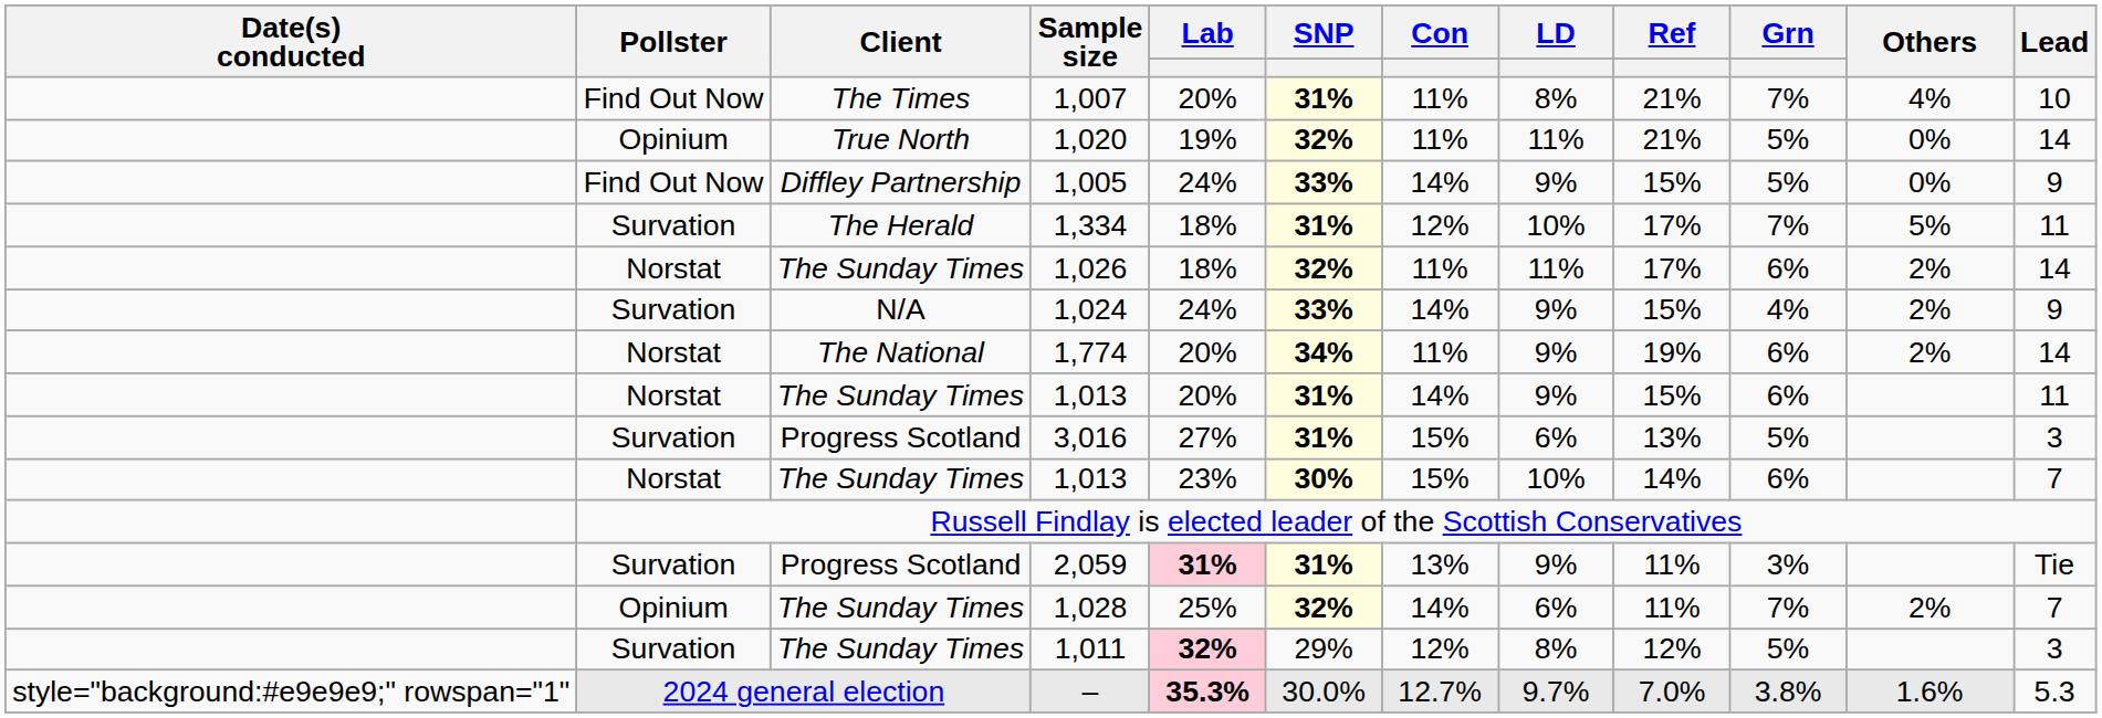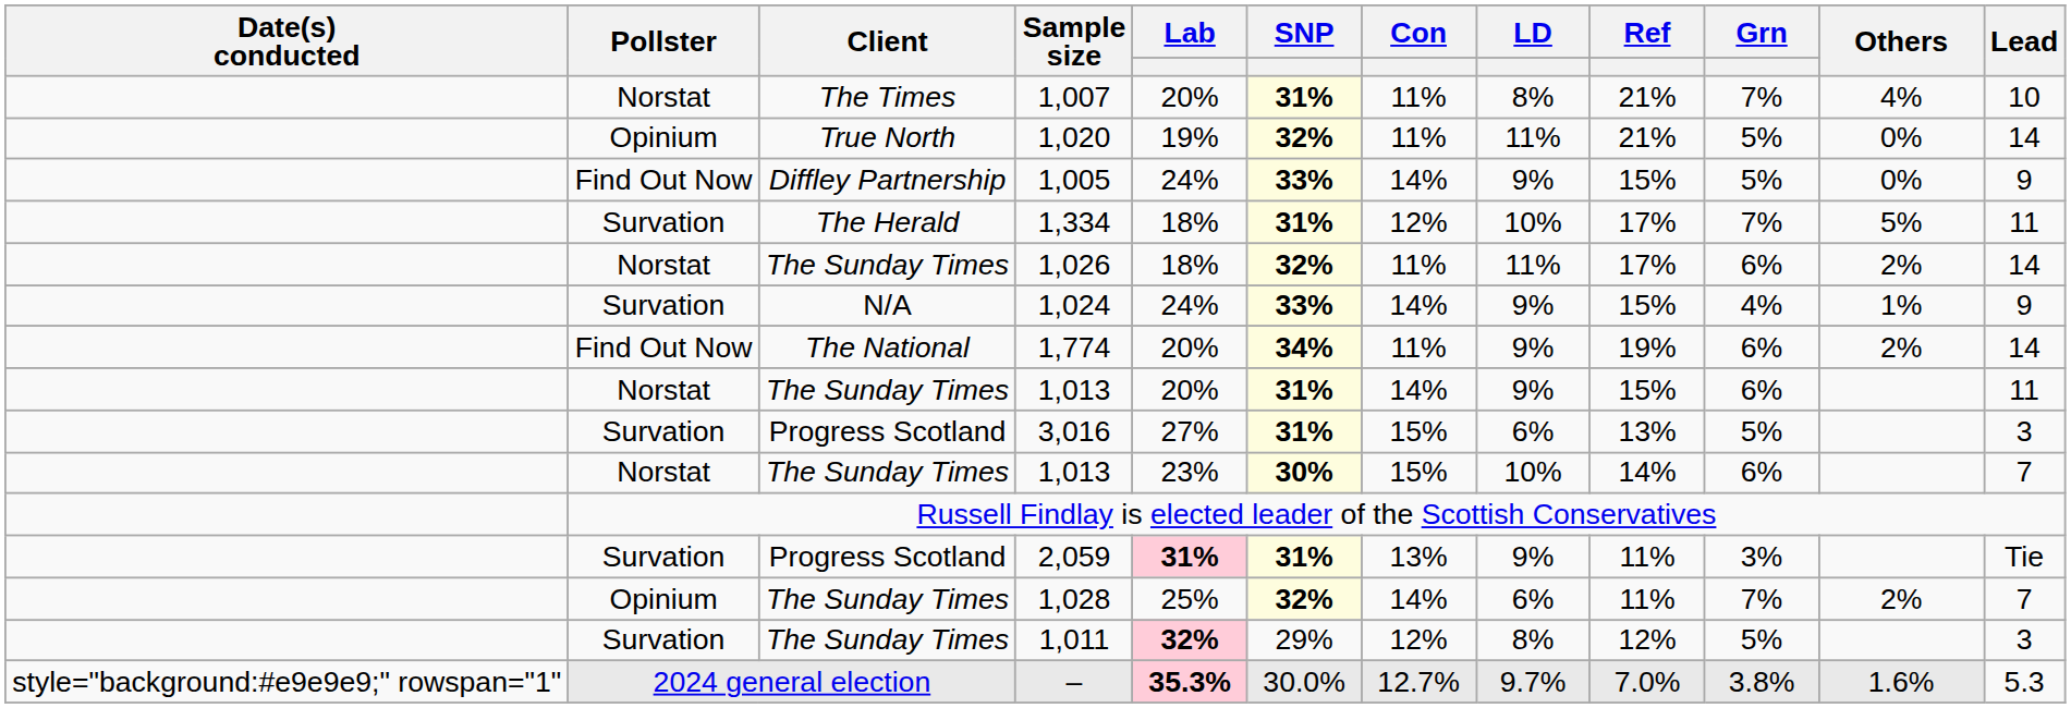 <table class="wikitable sortable mw-datatable" style="text-align:center; font-size:90%; line-height:14px;">
 <tr>
 <th rowspan="2">Date(s)<br>conducted</th>
 <th rowspan="2">Pollster</th>
 <th rowspan="2">Client</th>
 <th rowspan="2" data-sort-type="number">Sample <br>size</th>
 <th class="unsortable" style="width:50px;"><a href='#'>Lab</a></th>
 <th class="unsortable" style="width:50px;"><a href='#'>SNP</a></th>
 <th class="unsortable" style="width:50px;"><a href='#'>Con</a></th>
 <th class="unsortable" style="width:50px;"><a href='#'>LD</a></th>
 <th class="unsortable" style="width:50px;"><a href='#'>Ref</a></th>
 <th class="unsortable" style="width:50px;"><a href='#'>Grn</a></th>
 <th rowspan="2" class="unsortable" style="width:75px;">Others</th>
 <th rowspan="2" data-sort-type="number">Lead</th>
 </tr>
 <tr>
 <th data-sort-type="number" style="background:"></th>
 <th data-sort-type="number" style="background:"></th>
 <th data-sort-type="number" style="background:"></th>
 <th data-sort-type="number" style="background:"></th>
 <th data-sort-type="number" style="background:"></th>
 <th data-sort-type="number" style="background:"></th>
 </tr>
 <tr>
 <td></td>
-<td>Find Out Now</td>
+<td>Norstat</td>
 <td><em>The Times</em></td>
 <td>1,007</td>
 <td>20%</td>
 <td style="background:#FEFDDE;"><strong>31%</strong></td>
 <td>11%</td>
 <td>8%</td>
 <td>21%</td>
 <td>7%</td>
 <td>4%</td>
 <td style="background:">10</td>
 </tr>
 <tr>
 <td></td>
 <td>Opinium</td>
 <td><em>True North</em></td>
 <td>1,020</td>
 <td>19%</td>
 <td style="background:#FEFDDE;"><strong>32%</strong></td>
 <td>11%</td>
 <td>11%</td>
 <td>21%</td>
 <td>5%</td>
 <td>0%</td>
 <td style="background:">14</td>
 </tr>
 <tr>
 <td></td>
 <td>Find Out Now</td>
 <td><em>Diffley Partnership</em></td>
 <td>1,005</td>
 <td>24%</td>
 <td style="background:#FEFDDE;"><strong>33%</strong></td>
 <td>14%</td>
 <td>9%</td>
 <td>15%</td>
 <td>5%</td>
 <td>0%</td>
 <td style="background:">9</td>
 </tr>
 <tr>
 <td></td>
 <td>Survation</td>
 <td><em>The Herald</em></td>
 <td>1,334</td>
 <td>18%</td>
 <td style="background:#FEFDDE;"><strong>31%</strong></td>
 <td>12%</td>
 <td>10%</td>
 <td>17%</td>
 <td>7%</td>
 <td>5%</td>
 <td style="background:">11</td>
 </tr>
 <tr>
 <td></td>
 <td>Norstat</td>
 <td><em>The Sunday Times</em></td>
 <td>1,026</td>
 <td>18%</td>
 <td style="background:#FEFDDE;"><strong>32%</strong></td>
 <td>11%</td>
 <td>11%</td>
 <td>17%</td>
 <td>6%</td>
 <td>2%</td>
 <td style="background:">14</td>
 </tr>
 <tr>
 <td></td>
 <td>Survation</td>
 <td>N/A</td>
 <td>1,024</td>
 <td>24%</td>
 <td style="background:#FEFDDE;"><strong>33%</strong></td>
 <td>14%</td>
 <td>9%</td>
 <td>15%</td>
 <td>4%</td>
-<td>2%</td>
+<td>1%</td>
 <td style="background:">9</td>
 </tr>
 <tr>
 <td></td>
-<td>Norstat</td>
+<td>Find Out Now</td>
 <td><em>The National</em></td>
 <td>1,774</td>
 <td>20%</td>
 <td style="background:#FEFDDE;"><strong>34%</strong></td>
 <td>11%</td>
 <td>9%</td>
 <td>19%</td>
 <td>6%</td>
 <td>2%</td>
 <td style="background:">14</td>
 </tr>
 <tr>
 <td></td>
 <td>Norstat</td>
 <td><em>The Sunday Times</em></td>
 <td>1,013</td>
 <td>20%</td>
 <td style="background:#FEFDDE;"><strong>31%</strong></td>
 <td>14%</td>
 <td>9%</td>
 <td>15%</td>
 <td>6%</td>
 <td></td>
 <td style="background:">11</td>
 </tr>
 <tr>
 <td></td>
 <td>Survation</td>
 <td>Progress Scotland</td>
 <td>3,016</td>
 <td>27%</td>
 <td style="background:#FEFDDE;"><strong>31%</strong></td>
 <td>15%</td>
 <td>6%</td>
 <td>13%</td>
 <td>5%</td>
 <td></td>
 <td style="background:">3</td>
 </tr>
 <tr>
 <td></td>
 <td>Norstat</td>
 <td><em>The Sunday Times</em></td>
 <td>1,013</td>
 <td>23%</td>
 <td style="background:#FEFDDE;"><strong>30%</strong></td>
 <td>15%</td>
 <td>10%</td>
 <td>14%</td>
 <td>6%</td>
 <td></td>
 <td style="background:">7</td>
 </tr>
 <tr>
 <td></td>
 <td colspan="11"><a href='#'>Russell Findlay</a> is <a href='#'>elected leader</a> of the <a href='#'>Scottish Conservatives</a></td>
 </tr>
 <tr>
 <td></td>
 <td>Survation</td>
 <td>Progress Scotland</td>
 <td>2,059</td>
 <td style="background:#ffccd9;"><strong>31%</strong></td>
 <td style="background:#FEFDDE;"><strong>31%</strong></td>
 <td>13%</td>
 <td>9%</td>
 <td>11%</td>
 <td>3%</td>
 <td></td>
 <td>Tie</td>
 </tr>
 <tr>
 <td></td>
 <td>Opinium</td>
 <td><em>The Sunday Times</em></td>
 <td>1,028</td>
 <td>25%</td>
 <td style="background:#FEFDDE;"><strong>32%</strong></td>
 <td>14%</td>
 <td>6%</td>
 <td>11%</td>
 <td>7%</td>
 <td>2%</td>
 <td style="background:">7</td>
 </tr>
 <tr>
 <td></td>
 <td>Survation</td>
 <td><em>The Sunday Times</em></td>
 <td>1,011</td>
 <td style="background:#ffccd9;"><strong>32%</strong></td>
 <td>29%</td>
 <td>12%</td>
 <td>8%</td>
 <td>12%</td>
 <td>5%</td>
 <td></td>
 <td style="background:">3</td>
 </tr>
 <tr>
 <td>style="background:#e9e9e9;" rowspan="1" </td>
 <td style="background:#e9e9e9;" colspan="2"><a href='#'>2024 general election</a></td>
 <td style="background:#e9e9e9;">–</td>
 <td style="background:#ffccd9;"><strong>35.3%</strong></td>
 <td style="background:#e9e9e9;">30.0%</td>
 <td style="background:#e9e9e9;">12.7%</td>
 <td style="background:#e9e9e9;">9.7%</td>
 <td style="background:#e9e9e9;">7.0%</td>
 <td style="background:#e9e9e9;">3.8%</td>
 <td style="background:#e9e9e9;">1.6%</td>
 <td style="background:">5.3</td>
 </tr>
 </table>
